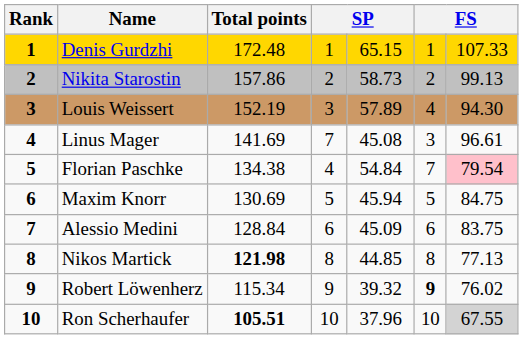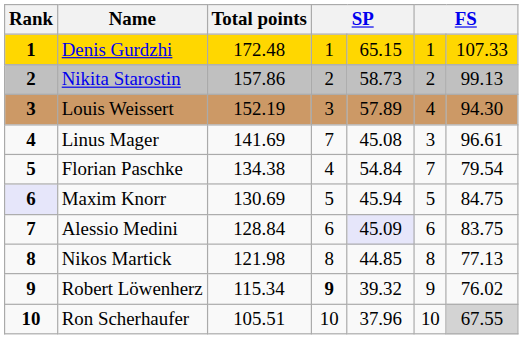 <table class="wikitable sortable">
 <tr>
 <th>Rank</th>
 <th>Name</th>
 <th>Total points</th>
 <th colspan="2" width="80px"><a href='#'>SP</a></th>
 <th colspan="2" width="80px"><a href='#'>FS</a></th>
 </tr>
 <tr bgcolor="gold">
 <td align="center"><strong>1</strong></td>
 <td><a href='#'>Denis Gurdzhi</a></td>
 <td align="center">172.48</td>
 <td align="center">1</td>
 <td align="center">65.15</td>
 <td align="center">1</td>
 <td align="center">107.33</td>
 </tr>
 <tr bgcolor="silver">
 <td align="center"><strong>2</strong></td>
 <td><a href='#'>Nikita Starostin</a></td>
 <td align="center">157.86</td>
 <td align="center">2</td>
 <td align="center">58.73</td>
 <td align="center">2</td>
 <td align="center">99.13</td>
 </tr>
 <tr bgcolor="cc9966">
 <td align="center"><strong>3</strong></td>
 <td>Louis Weissert</td>
 <td align="center">152.19</td>
 <td align="center">3</td>
 <td align="center">57.89</td>
 <td align="center">4</td>
 <td align="center">94.30</td>
 </tr>
 <tr>
 <td align="center"><strong>4</strong></td>
 <td>Linus Mager</td>
 <td align="center">141.69</td>
 <td align="center">7</td>
 <td align="center">45.08</td>
 <td align="center">3</td>
 <td align="center">96.61</td>
 </tr>
 <tr>
 <td align="center"><strong>5</strong></td>
 <td>Florian Paschke</td>
 <td align="center">134.38</td>
 <td align="center">4</td>
 <td align="center">54.84</td>
 <td align="center">7</td>
-<td align="center" style="background: pink;">79.54</td>
+<td align="center">79.54</td>
 </tr>
 <tr>
-<td align="center"><strong>6</strong></td>
+<td align="center" style="background: lavender;"><strong>6</strong></td>
 <td>Maxim Knorr</td>
 <td align="center">130.69</td>
 <td align="center">5</td>
 <td align="center">45.94</td>
 <td align="center">5</td>
 <td align="center">84.75</td>
 </tr>
 <tr>
 <td align="center"><strong>7</strong></td>
 <td>Alessio Medini</td>
 <td align="center">128.84</td>
 <td align="center">6</td>
-<td align="center">45.09</td>
+<td align="center" style="background: lavender;">45.09</td>
 <td align="center">6</td>
 <td align="center">83.75</td>
 </tr>
 <tr>
 <td align="center"><strong>8</strong></td>
 <td>Nikos Martick</td>
-<td align="center"><strong>121.98</strong></td>
+<td align="center">121.98</td>
 <td align="center">8</td>
 <td align="center">44.85</td>
 <td align="center">8</td>
 <td align="center">77.13</td>
 </tr>
 <tr>
 <td align="center"><strong>9</strong></td>
 <td>Robert Löwenherz</td>
 <td align="center">115.34</td>
+<td align="center"><strong>9</strong></td>
+<td align="center">39.32</td>
 <td align="center">9</td>
-<td align="center">39.32</td>
-<td align="center"><strong>9</strong></td>
 <td align="center">76.02</td>
 </tr>
 <tr>
 <td align="center"><strong>10</strong></td>
 <td>Ron Scherhaufer</td>
-<td align="center"><strong>105.51</strong></td>
+<td align="center">105.51</td>
 <td align="center">10</td>
 <td align="center">37.96</td>
 <td align="center">10</td>
 <td align="center" style="background: lightgrey;">67.55</td>
 </tr>
 </table>
